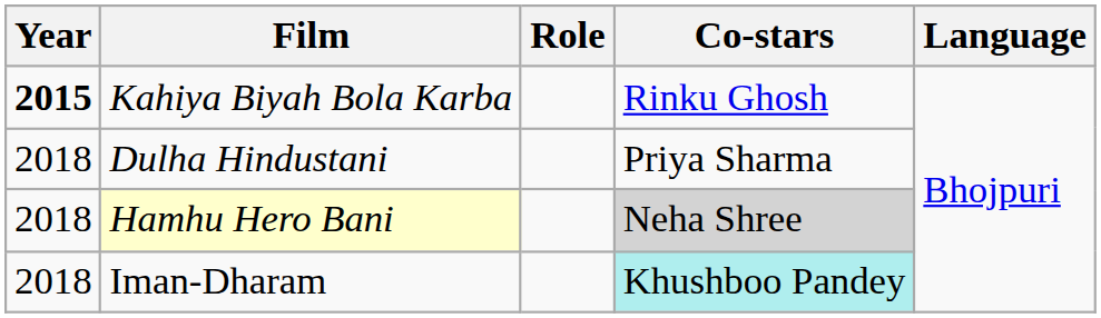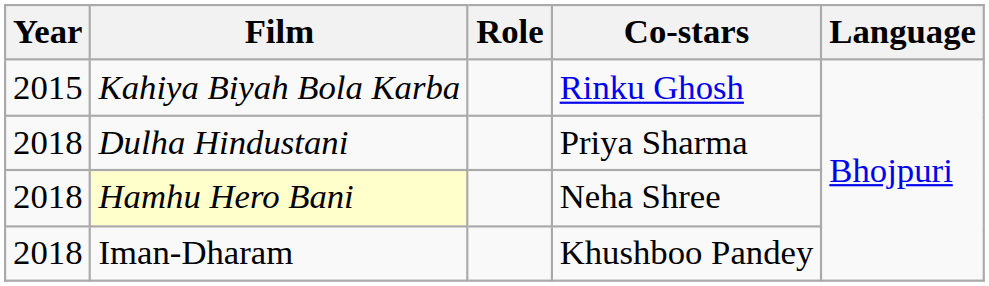 <table class="wikitable sortable">
 <tr>
 <th>Year</th>
 <th>Film</th>
 <th>Role</th>
 <th>Co-stars</th>
 <th>Language</th>
 </tr>
 <tr>
-<td><strong>2015</strong></td>
+<td>2015</td>
 <td><em>Kahiya Biyah Bola Karba</em></td>
 <td></td>
 <td><a href='#'>Rinku Ghosh</a></td>
 <td rowspan="4"><a href='#'>Bhojpuri</a></td>
 </tr>
 <tr>
 <td>2018</td>
 <td><em>Dulha Hindustani</em></td>
 <td></td>
 <td>Priya Sharma</td>
 </tr>
 <tr>
 <td>2018</td>
 <td scope="row" style="background:#ffc; "><em>Hamhu Hero Bani</em> </td>
 <td></td>
-<td style="background: lightgrey;">Neha Shree</td>
+<td>Neha Shree</td>
 </tr>
 <tr>
 <td>2018</td>
 <td>Iman-Dharam</td>
 <td></td>
-<td style="background: paleturquoise;">Khushboo Pandey</td>
+<td>Khushboo Pandey</td>
 </tr>
 </table>
